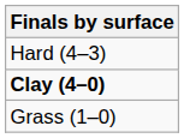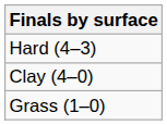 <table class=wikitable style=font-size:90%>
 <tr>
 <th>Finals by surface</th>
 </tr>
 <tr>
 <td>Hard (4–3)</td>
 </tr>
 <tr>
-<td><strong>Clay (4–0)</strong></td>
+<td>Clay (4–0)</td>
 </tr>
 <tr>
 <td>Grass (1–0)</td>
 </tr>
 </table>
